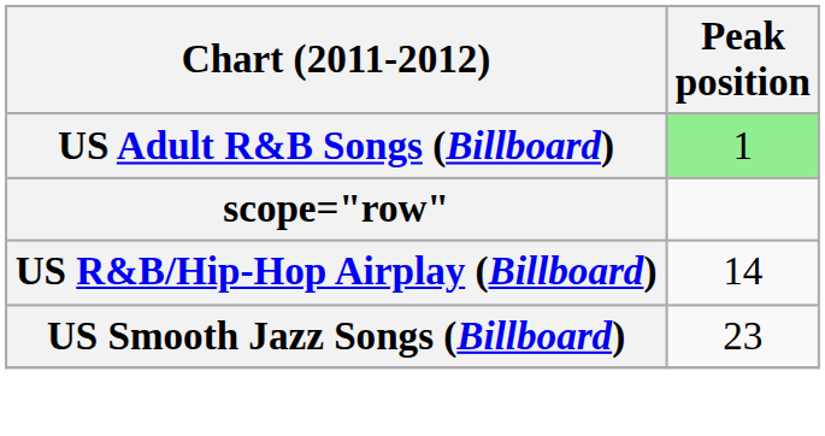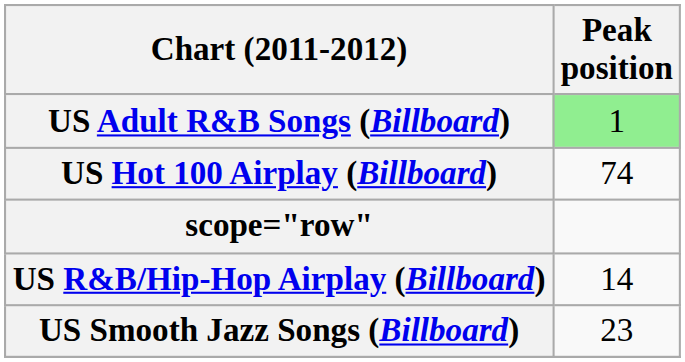 <table class="wikitable sortable plainrowheaders" style="text-align:center;">
 <tr>
 <th scope="col">Chart (2011-2012)</th>
 <th scope="col">Peak<br>position</th>
 </tr>
 <tr>
 <th scope="row">US <a href='#'>Adult R&B Songs</a> (<em><a href='#'>Billboard</a></em>)</th>
 <td align="center" style="background: lightgreen;">1</td>
+</tr>
+<tr>
+<th scope="row">US <a href='#'>Hot 100 Airplay</a> (<em><a href='#'>Billboard</a></em>)</th>
+<td align="center">74</td>
 </tr>
 <tr>
 <th>scope="row" </th>
 </tr>
 <tr>
 <th scope="row">US <a href='#'>R&B/Hip-Hop Airplay</a> (<em><a href='#'>Billboard</a></em>)</th>
 <td align="center">14</td>
 </tr>
 <tr>
 <th scope="row">US Smooth Jazz Songs (<em><a href='#'>Billboard</a></em>)</th>
 <td align="center">23</td>
 </tr>
 <tr>
 </tr>
 </table>
